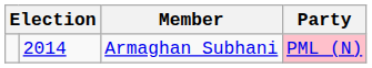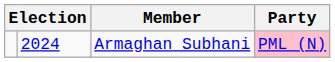 <table class="wikitable">
 <tr>
 <th colspan="2">Election</th>
 <th>Member</th>
 <th>Party</th>
 </tr>
 <tr>
 <td style="background-color: "></td>
-<td><a href='#'>2014</a></td>
+<td><a href='#'>2024</a></td>
 <td><a href='#'>Armaghan Subhani</a></td>
 <td style="background: pink;"><a href='#'>PML (N)</a></td>
 </tr>
 </table>
